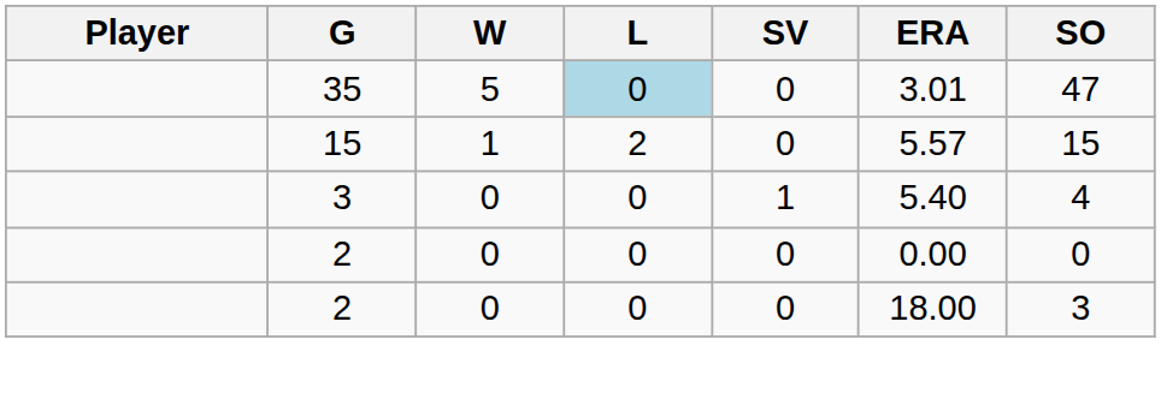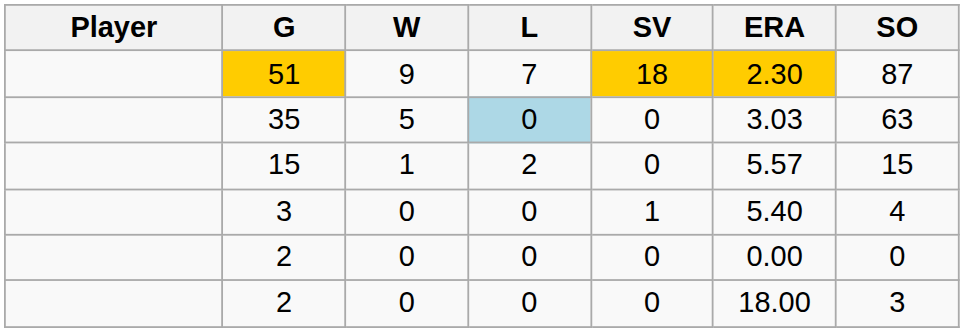 <table class="wikitable sortable">
 <tr>
 <th bgcolor="#DDDDFF" width="16%">Player</th>
 <th bgcolor="#DDDDFF" width="9%">G</th>
 <th bgcolor="#DDDDFF" width="9%">W</th>
 <th bgcolor="#DDDDFF" width="9%">L</th>
 <th bgcolor="#DDDDFF" width="9%">SV</th>
 <th bgcolor="#DDDDFF" width="9%">ERA</th>
 <th bgcolor="#DDDDFF" width="9%">SO</th>
 </tr>
 <tr align="center">
 <td></td>
+<td style="background:#fc0;">51</td>
+<td>9</td>
+<td>7</td>
+<td style="background:#fc0;">18</td>
+<td style="background:#fc0;">2.30</td>
+<td>87</td>
+</tr>
+<tr align="center">
+<td></td>
 <td>35</td>
 <td>5</td>
 <td style="background: lightblue;">0</td>
 <td>0</td>
-<td>3.01</td>
-<td>47</td>
+<td>3.03</td>
+<td>63</td>
 </tr>
 <tr align="center">
 <td></td>
 <td>15</td>
 <td>1</td>
 <td>2</td>
 <td>0</td>
 <td>5.57</td>
 <td>15</td>
 </tr>
 <tr align="center">
 <td></td>
 <td>3</td>
 <td>0</td>
 <td>0</td>
 <td>1</td>
 <td>5.40</td>
 <td>4</td>
 </tr>
 <tr align="center">
 <td></td>
 <td>2</td>
 <td>0</td>
 <td>0</td>
 <td>0</td>
 <td>0.00</td>
 <td>0</td>
 </tr>
 <tr align="center">
 <td></td>
 <td>2</td>
 <td>0</td>
 <td>0</td>
 <td>0</td>
 <td>18.00</td>
 <td>3</td>
 </tr>
 </table>
